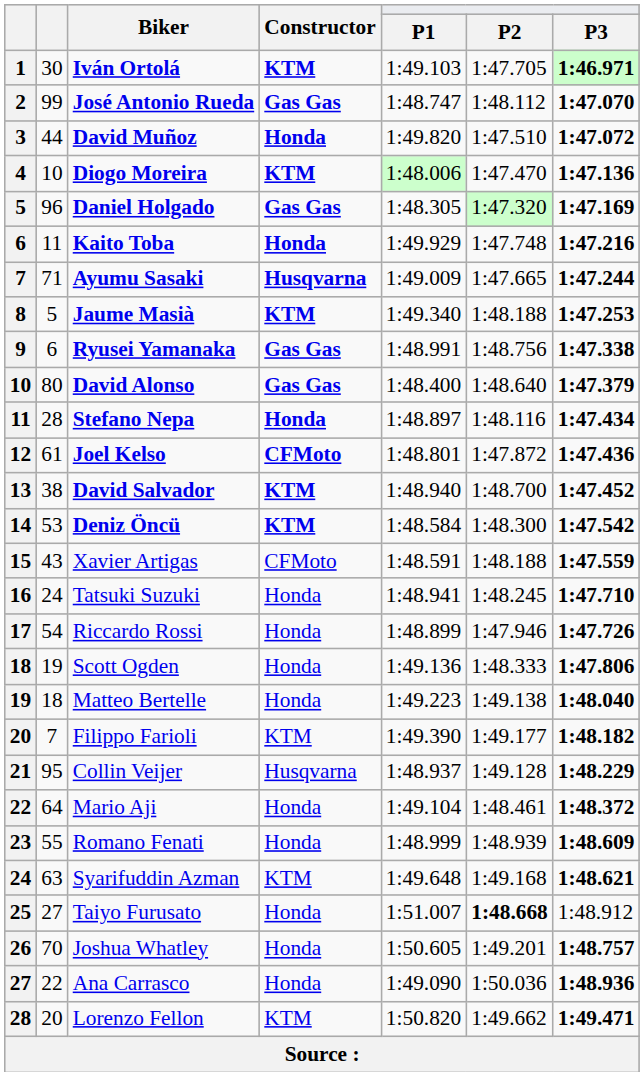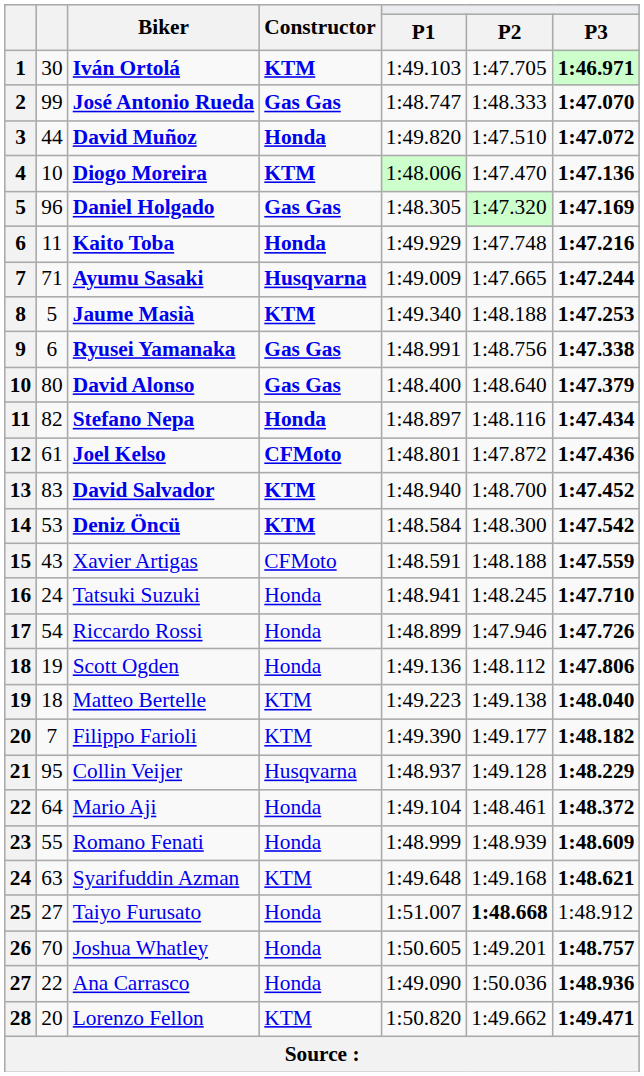 <table class="wikitable sortable" style="font-size: 85%;">
 <tr>
 <th rowspan="2"></th>
 <th rowspan="2"></th>
 <th rowspan="2">Biker</th>
 <th rowspan="2">Constructor</th>
 <th colspan="3" style="background:#eaecf0; text-align:center;"></th>
 </tr>
 <tr>
 <th scope="col">P1</th>
 <th scope="col">P2</th>
 <th scope="col">P3</th>
 </tr>
 <tr>
 <th scope="row">1</th>
 <td align="center">30</td>
 <td> <strong><a href='#'>Iván Ortolá</a></strong></td>
 <td><strong><a href='#'>KTM</a></strong></td>
 <td>1:49.103</td>
 <td>1:47.705</td>
 <td style="background:#ccffcc;"><strong>1:46.971</strong></td>
 </tr>
 <tr>
 <th scope="row">2</th>
 <td align="center">99</td>
 <td><strong> <a href='#'>José Antonio Rueda</a></strong></td>
 <td><strong><a href='#'>Gas Gas</a></strong></td>
 <td>1:48.747</td>
-<td>1:48.112</td>
+<td>1:48.333</td>
 <td><strong>1:47.070</strong></td>
 </tr>
 <tr>
 <th scope="row">3</th>
 <td align="center">44</td>
 <td><strong> <a href='#'>David Muñoz</a></strong></td>
 <td><strong><a href='#'>Honda</a></strong></td>
 <td>1:49.820</td>
 <td>1:47.510</td>
 <td><strong>1:47.072</strong></td>
 </tr>
 <tr>
 <th scope="row">4</th>
 <td align="center">10</td>
 <td><strong> <a href='#'>Diogo Moreira</a></strong></td>
 <td><strong><a href='#'>KTM</a></strong></td>
 <td style="background:#ccffcc;">1:48.006</td>
 <td>1:47.470</td>
 <td><strong>1:47.136</strong></td>
 </tr>
 <tr>
 <th scope="row">5</th>
 <td align="center">96</td>
 <td><strong></strong> <strong><a href='#'>Daniel Holgado</a></strong></td>
 <td><strong><a href='#'>Gas Gas</a></strong></td>
 <td>1:48.305</td>
 <td style="background:#ccffcc;">1:47.320</td>
 <td><strong>1:47.169</strong></td>
 </tr>
 <tr>
 <th scope="row">6</th>
 <td align="center">11</td>
 <td><strong> <a href='#'>Kaito Toba</a></strong></td>
 <td><strong><a href='#'>Honda</a></strong></td>
 <td>1:49.929</td>
 <td>1:47.748</td>
 <td><strong>1:47.216</strong></td>
 </tr>
 <tr>
 <th scope="row">7</th>
 <td align="center">71</td>
 <td><strong> <a href='#'>Ayumu Sasaki</a></strong></td>
 <td><strong><a href='#'>Husqvarna</a></strong></td>
 <td>1:49.009</td>
 <td>1:47.665</td>
 <td><strong>1:47.244</strong></td>
 </tr>
 <tr>
 <th scope="row">8</th>
 <td align="center">5</td>
 <td><strong> <a href='#'>Jaume Masià</a></strong></td>
 <td><strong><a href='#'>KTM</a></strong></td>
 <td>1:49.340</td>
 <td>1:48.188</td>
 <td><strong>1:47.253</strong></td>
 </tr>
 <tr>
 <th scope="row">9</th>
 <td align="center">6</td>
 <td><strong> <a href='#'>Ryusei Yamanaka</a></strong></td>
 <td><strong><a href='#'>Gas Gas</a></strong></td>
 <td>1:48.991</td>
 <td>1:48.756</td>
 <td><strong>1:47.338</strong></td>
 </tr>
 <tr>
 <th scope="row">10</th>
 <td align="center">80</td>
 <td><strong> <a href='#'>David Alonso</a></strong></td>
 <td><strong><a href='#'>Gas Gas</a></strong></td>
 <td>1:48.400</td>
 <td>1:48.640</td>
 <td><strong>1:47.379</strong></td>
 </tr>
 <tr>
 <th scope="row">11</th>
-<td align="center">28</td>
+<td align="center">82</td>
 <td> <strong><a href='#'>Stefano Nepa</a></strong></td>
 <td><strong><a href='#'>Honda</a></strong></td>
 <td>1:48.897</td>
 <td>1:48.116</td>
 <td><strong>1:47.434</strong></td>
 </tr>
 <tr>
 <th scope="row">12</th>
 <td align="center">61</td>
 <td><strong> <a href='#'>Joel Kelso</a></strong></td>
 <td><strong><a href='#'>CFMoto</a></strong></td>
 <td>1:48.801</td>
 <td>1:47.872</td>
 <td><strong>1:47.436</strong></td>
 </tr>
 <tr>
 <th scope="row">13</th>
-<td align="center">38</td>
+<td align="center">83</td>
 <td><strong> <a href='#'>David Salvador</a></strong></td>
 <td><strong><a href='#'>KTM</a></strong></td>
 <td>1:48.940</td>
 <td>1:48.700</td>
 <td><strong>1:47.452</strong></td>
 </tr>
 <tr>
 <th scope="row">14</th>
 <td align="center">53</td>
 <td><strong></strong> <strong><a href='#'>Deniz Öncü</a></strong></td>
 <td><strong><a href='#'>KTM</a></strong></td>
 <td>1:48.584</td>
 <td>1:48.300</td>
 <td><strong>1:47.542</strong></td>
 </tr>
 <tr>
 <th scope="row">15</th>
 <td align="center">43</td>
 <td> <a href='#'>Xavier Artigas</a></td>
 <td><a href='#'>CFMoto</a></td>
 <td>1:48.591</td>
 <td>1:48.188</td>
 <td><strong>1:47.559</strong></td>
 </tr>
 <tr>
 <th scope="row">16</th>
 <td align="center">24</td>
 <td> <a href='#'>Tatsuki Suzuki</a></td>
 <td><a href='#'>Honda</a></td>
 <td>1:48.941</td>
 <td>1:48.245</td>
 <td><strong>1:47.710</strong></td>
 </tr>
 <tr>
 <th scope="row">17</th>
 <td align="center">54</td>
 <td> <a href='#'>Riccardo Rossi</a></td>
 <td><a href='#'>Honda</a></td>
 <td>1:48.899</td>
 <td>1:47.946</td>
 <td><strong>1:47.726</strong></td>
 </tr>
 <tr>
 <th scope="row">18</th>
 <td align="center">19</td>
 <td> <a href='#'>Scott Ogden</a></td>
 <td><a href='#'>Honda</a></td>
 <td>1:49.136</td>
-<td>1:48.333</td>
+<td>1:48.112</td>
 <td><strong>1:47.806</strong></td>
 </tr>
 <tr>
 <th scope="row">19</th>
 <td align="center">18</td>
 <td> <a href='#'>Matteo Bertelle</a></td>
-<td><a href='#'>Honda</a></td>
+<td><a href='#'>KTM</a></td>
 <td>1:49.223</td>
 <td>1:49.138</td>
 <td><strong>1:48.040</strong></td>
 </tr>
 <tr>
 <th scope="row">20</th>
 <td align="center">7</td>
 <td> <a href='#'>Filippo Farioli</a></td>
 <td><a href='#'>KTM</a></td>
 <td>1:49.390</td>
 <td>1:49.177</td>
 <td><strong>1:48.182</strong></td>
 </tr>
 <tr>
 <th scope="row">21</th>
 <td align="center">95</td>
 <td> <a href='#'>Collin Veijer</a></td>
 <td><a href='#'>Husqvarna</a></td>
 <td>1:48.937</td>
 <td>1:49.128</td>
 <td><strong>1:48.229</strong></td>
 </tr>
 <tr>
 <th scope="row">22</th>
 <td align="center">64</td>
 <td> <a href='#'>Mario Aji</a></td>
 <td><a href='#'>Honda</a></td>
 <td>1:49.104</td>
 <td>1:48.461</td>
 <td><strong>1:48.372</strong></td>
 </tr>
 <tr>
 <th scope="row">23</th>
 <td align="center">55</td>
 <td> <a href='#'>Romano Fenati</a></td>
 <td><a href='#'>Honda</a></td>
 <td>1:48.999</td>
 <td>1:48.939</td>
 <td><strong>1:48.609</strong></td>
 </tr>
 <tr>
 <th scope="row">24</th>
 <td align="center">63</td>
 <td> <a href='#'>Syarifuddin Azman</a></td>
 <td><a href='#'>KTM</a></td>
 <td>1:49.648</td>
 <td>1:49.168</td>
 <td><strong>1:48.621</strong></td>
 </tr>
 <tr>
 <th scope="row">25</th>
 <td align="center">27</td>
 <td> <a href='#'>Taiyo Furusato</a></td>
 <td><a href='#'>Honda</a></td>
 <td>1:51.007</td>
 <td><strong>1:48.668</strong></td>
 <td>1:48.912</td>
 </tr>
 <tr>
 <th scope="row">26</th>
 <td align="center">70</td>
 <td> <a href='#'>Joshua Whatley</a></td>
 <td><a href='#'>Honda</a></td>
 <td>1:50.605</td>
 <td>1:49.201</td>
 <td><strong>1:48.757</strong></td>
 </tr>
 <tr>
 <th scope="row">27</th>
 <td align="center">22</td>
 <td> <a href='#'>Ana Carrasco</a></td>
 <td><a href='#'>Honda</a></td>
 <td>1:49.090</td>
 <td>1:50.036</td>
 <td><strong>1:48.936</strong></td>
 </tr>
 <tr>
 <th scope="row">28</th>
 <td align="center">20</td>
 <td> <a href='#'>Lorenzo Fellon</a></td>
 <td><a href='#'>KTM</a></td>
 <td>1:50.820</td>
 <td>1:49.662</td>
 <td><strong>1:49.471</strong></td>
 </tr>
 <tr>
 <th colspan="7">Source : </th>
 </tr>
 </table>
